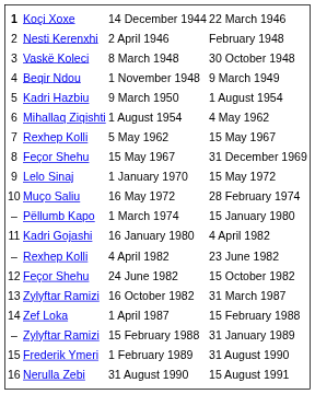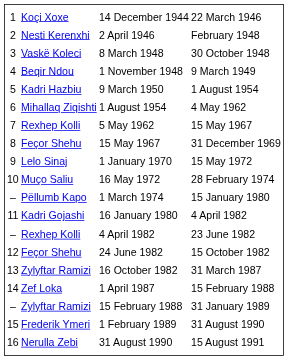 <table cellpadding="0" cellspacing="3" style="border:1px solid #000000; font-size:88%; line-height: 1.5em;">
 <tr>
 <td><strong></strong></td>
 <td><strong></strong></td>
 <td colspan="2"></td>
 </tr>
 <tr>
-<td align=center><strong>1</strong></td>
+<td align=center>1</td>
 <td><a href='#'>Koçi Xoxe</a></td>
 <td>14 December 1944</td>
 <td>22 March 1946</td>
 </tr>
 <tr>
 <td align=center>2</td>
 <td><a href='#'>Nesti Kerenxhi</a></td>
 <td>2 April 1946</td>
 <td>February 1948</td>
 </tr>
 <tr>
 <td align=center>3</td>
 <td><a href='#'>Vaskë Koleci</a></td>
 <td>8 March 1948</td>
 <td>30 October 1948</td>
 </tr>
 <tr>
 <td align=center>4</td>
 <td><a href='#'>Beqir Ndou</a></td>
 <td>1 November 1948</td>
 <td>9 March 1949</td>
 </tr>
 <tr>
 <td align=center>5</td>
 <td><a href='#'>Kadri Hazbiu</a></td>
 <td>9 March 1950</td>
 <td>1 August 1954</td>
 </tr>
 <tr>
 <td align=center>6</td>
 <td><a href='#'>Mihallaq Ziqishti</a></td>
 <td>1 August 1954</td>
 <td>4 May 1962</td>
 </tr>
 <tr>
 <td align=center>7</td>
 <td><a href='#'>Rexhep Kolli</a></td>
 <td>5 May 1962</td>
 <td>15 May 1967</td>
 </tr>
 <tr>
 <td align=center>8</td>
 <td><a href='#'>Feçor Shehu</a></td>
 <td>15 May 1967</td>
 <td>31 December 1969</td>
 </tr>
 <tr>
 <td align=center>9</td>
 <td><a href='#'>Lelo Sinaj</a></td>
 <td>1 January 1970</td>
 <td>15 May 1972</td>
 </tr>
 <tr>
 <td align=center>10</td>
 <td><a href='#'>Muço Saliu</a></td>
 <td>16 May 1972</td>
 <td>28 February 1974</td>
 </tr>
 <tr>
 <td align=center>–</td>
 <td><a href='#'>Pëllumb Kapo</a></td>
 <td>1 March 1974</td>
 <td>15 January 1980</td>
 </tr>
 <tr>
 <td align=center>11</td>
 <td><a href='#'>Kadri Gojashi</a></td>
 <td>16 January 1980</td>
 <td>4 April 1982</td>
 </tr>
 <tr>
 <td align=center>–</td>
 <td><a href='#'>Rexhep Kolli</a></td>
 <td>4 April 1982</td>
 <td>23 June 1982</td>
 </tr>
 <tr>
 <td align=center>12</td>
 <td><a href='#'>Feçor Shehu</a></td>
 <td>24 June 1982</td>
 <td>15 October 1982</td>
 </tr>
 <tr>
 <td align=center>13</td>
 <td><a href='#'>Zylyftar Ramizi</a></td>
 <td>16 October 1982</td>
 <td>31 March 1987</td>
 </tr>
 <tr>
 <td align=center>14</td>
 <td><a href='#'>Zef Loka</a></td>
 <td>1 April 1987</td>
 <td>15 February 1988</td>
 </tr>
 <tr>
 <td align=center>–</td>
 <td><a href='#'>Zylyftar Ramizi</a></td>
 <td>15 February 1988</td>
 <td>31 January 1989</td>
 </tr>
 <tr>
 <td align=center>15</td>
 <td><a href='#'>Frederik Ymeri</a></td>
 <td>1 February 1989</td>
 <td>31 August 1990</td>
 </tr>
 <tr>
 <td align=center>16</td>
 <td><a href='#'>Nerulla Zebi</a></td>
 <td>31 August 1990</td>
 <td>15 August 1991</td>
 </tr>
 <tr>
 </tr>
 </table>
